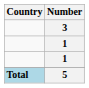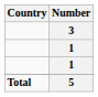 <table class="wikitable centre sortable">
 <tr>
 <th>Country</th>
 <th>Number</th>
 </tr>
 <tr>
 <td></td>
 <th>3</th>
 </tr>
 <tr>
 <td></td>
 <th>1</th>
 </tr>
 <tr>
 <td></td>
 <th>1</th>
 </tr>
 <tr>
 </tr>
 <tr class="sortbottom">
-<td style="background: lightblue;"><strong>Total</strong></td>
+<td><strong>Total</strong></td>
 <th>5</th>
 </tr>
 </table>
